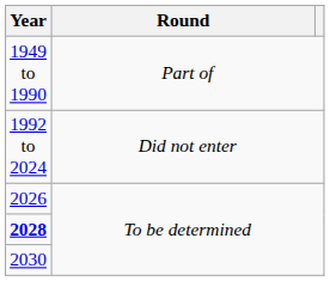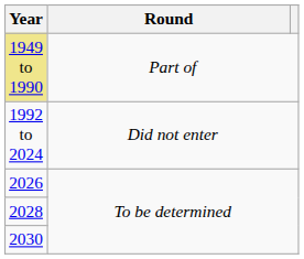 <table class="wikitable" style="text-align: center; font-size:90%">
 <tr>
 <th>Year</th>
 <th style="width:200px">Round</th>
 <th></th>
 </tr>
 <tr>
-<td><a href='#'>1949</a><br>to<br><a href='#'>1990</a></td>
+<td style="background: khaki;"><a href='#'>1949</a><br>to<br><a href='#'>1990</a></td>
 <td colspan="2"><em>Part of </em></td>
 </tr>
 <tr>
 <td><a href='#'>1992</a><br>to<br><a href='#'>2024</a></td>
 <td colspan="2"><em>Did not enter</em></td>
 </tr>
 <tr>
 <td><a href='#'>2026</a></td>
 <td colspan="2" rowspan="3"><em>To be determined</em></td>
 </tr>
 <tr>
-<td><strong><a href='#'>2028</a></strong></td>
+<td><a href='#'>2028</a></td>
 </tr>
 <tr>
 <td><a href='#'>2030</a></td>
 </tr>
 </table>
